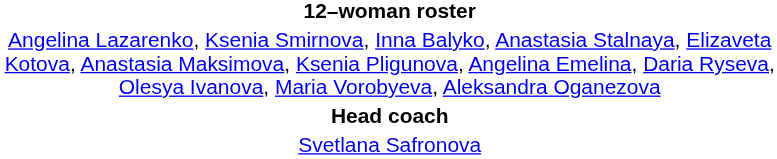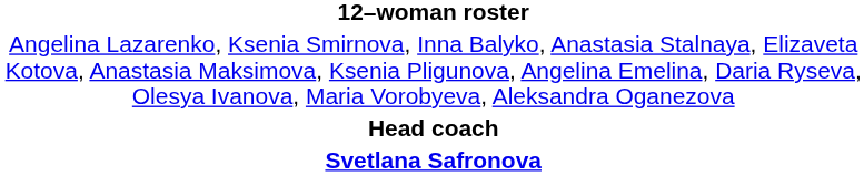 <table style="text-align: center; margin-top: 2em; margin-left: auto; margin-right: auto">
 <tr>
 <td><strong>12–woman roster</strong></td>
 </tr>
 <tr>
 <td><a href='#'>Angelina Lazarenko</a>, <a href='#'>Ksenia Smirnova</a>, <a href='#'>Inna Balyko</a>, <a href='#'>Anastasia Stalnaya</a>, <a href='#'>Elizaveta Kotova</a>, <a href='#'>Anastasia Maksimova</a>, <a href='#'>Ksenia Pligunova</a>, <a href='#'>Angelina Emelina</a>, <a href='#'>Daria Ryseva</a>, <a href='#'>Olesya Ivanova</a>, <a href='#'>Maria Vorobyeva</a>, <a href='#'>Aleksandra Oganezova</a></td>
 </tr>
 <tr>
 <td><strong>Head coach</strong></td>
 </tr>
 <tr>
-<td><a href='#'>Svetlana Safronova</a></td>
+<td><strong><a href='#'>Svetlana Safronova</a></strong></td>
 </tr>
 </table>
